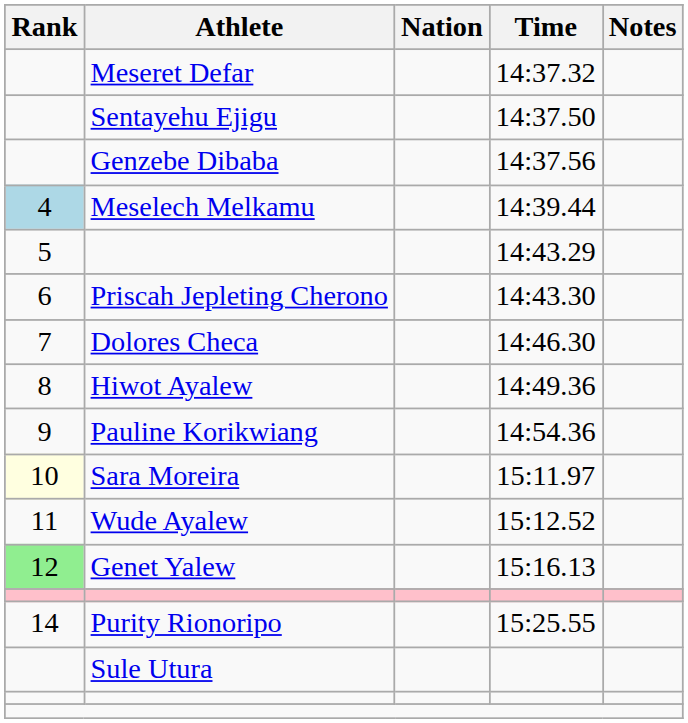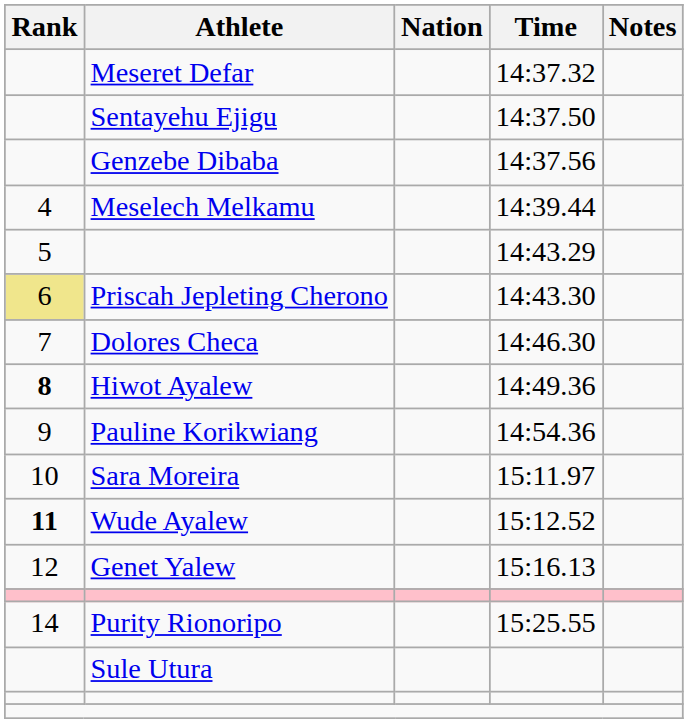 <table class="wikitable mw-datatable sortable" style="text-align:center;">
 <tr>
 <th scope="col" style="width: 10px;">Rank</th>
 <th scope="col">Athlete</th>
 <th scope="col">Nation</th>
 <th scope="col">Time</th>
 <th scope="col">Notes</th>
 </tr>
 <tr>
 <td></td>
 <td align="left"><a href='#'>Meseret Defar</a></td>
 <td align="left"></td>
 <td>14:37.32</td>
 <td></td>
 </tr>
 <tr>
 <td></td>
 <td align="left"><a href='#'>Sentayehu Ejigu</a></td>
 <td align="left"></td>
 <td>14:37.50</td>
 <td></td>
 </tr>
 <tr>
 <td></td>
 <td align="left"><a href='#'>Genzebe Dibaba</a></td>
 <td align="left"></td>
 <td>14:37.56</td>
 <td></td>
 </tr>
 <tr>
-<td style="background: lightblue;">4</td>
+<td>4</td>
 <td align="left"><a href='#'>Meselech Melkamu</a></td>
 <td align="left"></td>
 <td>14:39.44</td>
 <td></td>
 </tr>
 <tr>
 <td>5</td>
 <td align="left"></td>
 <td align="left"></td>
 <td>14:43.29</td>
 <td></td>
 </tr>
 <tr>
-<td>6</td>
+<td style="background: khaki;">6</td>
 <td align="left"><a href='#'>Priscah Jepleting Cherono</a></td>
 <td align="left"></td>
 <td>14:43.30</td>
 <td></td>
 </tr>
 <tr>
 <td>7</td>
 <td align="left"><a href='#'>Dolores Checa</a></td>
 <td align="left"></td>
 <td>14:46.30</td>
 <td></td>
 </tr>
 <tr>
-<td>8</td>
+<td><strong>8</strong></td>
 <td align="left"><a href='#'>Hiwot Ayalew</a></td>
 <td align="left"></td>
 <td>14:49.36</td>
 <td></td>
 </tr>
 <tr>
 <td>9</td>
 <td align="left"><a href='#'>Pauline Korikwiang</a></td>
 <td align="left"></td>
 <td>14:54.36</td>
 <td></td>
 </tr>
 <tr>
-<td style="background: lightyellow;">10</td>
+<td>10</td>
 <td align="left"><a href='#'>Sara Moreira</a></td>
 <td align="left"></td>
 <td>15:11.97</td>
 <td></td>
 </tr>
 <tr>
-<td>11</td>
+<td><strong>11</strong></td>
 <td align="left"><a href='#'>Wude Ayalew</a></td>
 <td align="left"></td>
 <td>15:12.52</td>
 <td></td>
 </tr>
 <tr>
-<td style="background: lightgreen;">12</td>
+<td>12</td>
 <td align="left"><a href='#'>Genet Yalew</a></td>
 <td align="left"></td>
 <td>15:16.13</td>
 <td></td>
 </tr>
 <tr bgcolor=pink>
 <td></td>
 <td align="left"></td>
 <td align="left"></td>
 <td></td>
 <td></td>
 </tr>
 <tr>
 <td>14</td>
 <td align="left"><a href='#'>Purity Rionoripo</a></td>
 <td align="left"></td>
 <td>15:25.55</td>
 <td></td>
 </tr>
 <tr>
 <td></td>
 <td align="left"><a href='#'>Sule Utura</a></td>
 <td align="left"></td>
 <td></td>
 <td></td>
 </tr>
 <tr>
 <td></td>
 <td align="left"></td>
 <td align="left"></td>
 <td></td>
 <td></td>
 </tr>
 <tr class="sortbottom">
 <td colspan="5"></td>
 </tr>
 </table>
